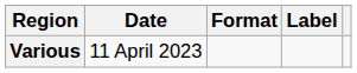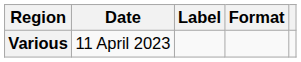 <table class="wikitable plainrowheaders">
 <tr>
 <th scope="col">Region</th>
 <th scope="col">Date</th>
+<th scope="col">Label</th>
 <th scope="col">Format</th>
-<th scope="col">Label</th>
 <th scope="col"></th>
 </tr>
 <tr>
 <th scope="row">Various</th>
 <td>11 April 2023</td>
 <td></td>
 <td></td>
 <td></td>
 </tr>
 </table>
